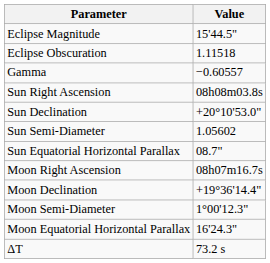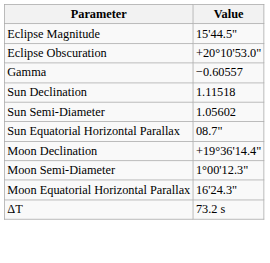 <table class="wikitable">
 <tr>
 <th>Parameter</th>
 <th>Value</th>
 </tr>
 <tr>
 <td>Eclipse Magnitude</td>
 <td>15'44.5"</td>
 </tr>
 <tr>
 <td>Eclipse Obscuration</td>
-<td>1.11518</td>
+<td>+20°10'53.0"</td>
 </tr>
 <tr>
 <td>Gamma</td>
 <td>−0.60557</td>
 </tr>
 <tr>
-<td>Sun Right Ascension</td>
-<td>08h08m03.8s</td>
-</tr>
-<tr>
 <td>Sun Declination</td>
-<td>+20°10'53.0"</td>
+<td>1.11518</td>
 </tr>
 <tr>
 <td>Sun Semi-Diameter</td>
 <td>1.05602</td>
 </tr>
 <tr>
 <td>Sun Equatorial Horizontal Parallax</td>
 <td>08.7"</td>
-</tr>
-<tr>
-<td>Moon Right Ascension</td>
-<td>08h07m16.7s</td>
 </tr>
 <tr>
 <td>Moon Declination</td>
 <td>+19°36'14.4"</td>
 </tr>
 <tr>
 <td>Moon Semi-Diameter</td>
 <td>1°00'12.3"</td>
 </tr>
 <tr>
 <td>Moon Equatorial Horizontal Parallax</td>
 <td>16'24.3"</td>
 </tr>
 <tr>
 <td>ΔT</td>
 <td>73.2 s</td>
 </tr>
 </table>
